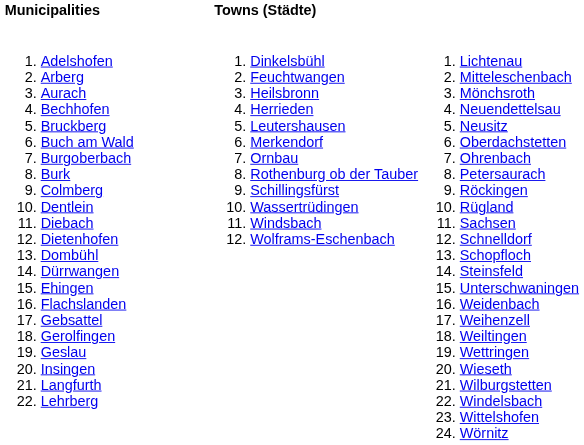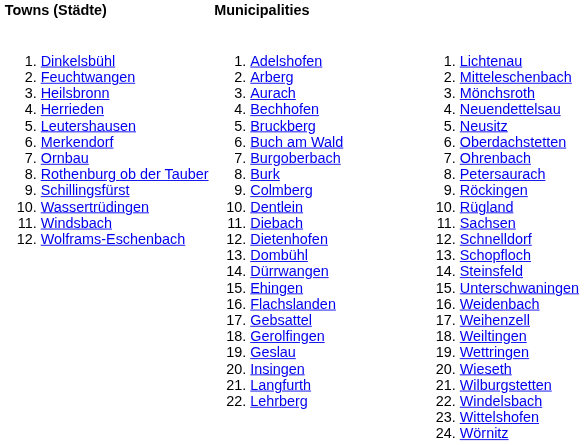 <table>
 <tr>
+<th align=left width=33%>Towns (Städte)</th>
 <th align=left width=33%>Municipalities</th>
-<th align=left width=33%>Towns (Städte)</th>
 <th align=left width=33%></th>
 </tr>
 <tr valign=top>
+<td><br><ol><li><a href='#'>Dinkelsbühl</a></li><li><a href='#'>Feuchtwangen</a></li><li><a href='#'>Heilsbronn</a></li><li><a href='#'>Herrieden</a></li><li><a href='#'>Leutershausen</a></li><li><a href='#'>Merkendorf</a></li><li><a href='#'>Ornbau</a></li><li><a href='#'>Rothenburg ob der Tauber</a></li><li><a href='#'>Schillingsfürst</a></li><li><a href='#'>Wassertrüdingen</a></li><li><a href='#'>Windsbach</a></li><li><a href='#'>Wolframs-Eschenbach</a></li></ol></td>
 <td><br><ol><li><a href='#'>Adelshofen</a></li><li><a href='#'>Arberg</a></li><li><a href='#'>Aurach</a></li><li><a href='#'>Bechhofen</a></li><li><a href='#'>Bruckberg</a></li><li><a href='#'>Buch am Wald</a></li><li><a href='#'>Burgoberbach</a></li><li><a href='#'>Burk</a></li><li><a href='#'>Colmberg</a></li><li><a href='#'>Dentlein</a></li><li><a href='#'>Diebach</a></li><li><a href='#'>Dietenhofen</a></li><li><a href='#'>Dombühl</a></li><li><a href='#'>Dürrwangen</a></li><li><a href='#'>Ehingen</a></li><li><a href='#'>Flachslanden</a></li><li><a href='#'>Gebsattel</a></li><li><a href='#'>Gerolfingen</a></li><li><a href='#'>Geslau</a></li><li><a href='#'>Insingen</a></li><li><a href='#'>Langfurth</a></li><li><a href='#'>Lehrberg</a></li></ol></td>
-<td><br><ol><li><a href='#'>Dinkelsbühl</a></li><li><a href='#'>Feuchtwangen</a></li><li><a href='#'>Heilsbronn</a></li><li><a href='#'>Herrieden</a></li><li><a href='#'>Leutershausen</a></li><li><a href='#'>Merkendorf</a></li><li><a href='#'>Ornbau</a></li><li><a href='#'>Rothenburg ob der Tauber</a></li><li><a href='#'>Schillingsfürst</a></li><li><a href='#'>Wassertrüdingen</a></li><li><a href='#'>Windsbach</a></li><li><a href='#'>Wolframs-Eschenbach</a></li></ol></td>
 <td><br><ol> <li> <a href='#'>Lichtenau</a> <li> <a href='#'>Mitteleschenbach</a> <li> <a href='#'>Mönchsroth</a> <li> <a href='#'>Neuendettelsau</a> <li> <a href='#'>Neusitz</a> <li> <a href='#'>Oberdachstetten</a> <li> <a href='#'>Ohrenbach</a> <li> <a href='#'>Petersaurach</a> <li> <a href='#'>Röckingen</a> <li> <a href='#'>Rügland</a> <li> <a href='#'>Sachsen</a> <li> <a href='#'>Schnelldorf</a> <li> <a href='#'>Schopfloch</a> <li> <a href='#'>Steinsfeld</a> <li> <a href='#'>Unterschwaningen</a> <li> <a href='#'>Weidenbach</a> <li> <a href='#'>Weihenzell</a> <li> <a href='#'>Weiltingen</a> <li> <a href='#'>Wettringen</a> <li> <a href='#'>Wieseth</a> <li> <a href='#'>Wilburgstetten</a> <li> <a href='#'>Windelsbach</a> <li> <a href='#'>Wittelshofen</a> <li> <a href='#'>Wörnitz</a> </ol></td>
 </tr>
 </table>
